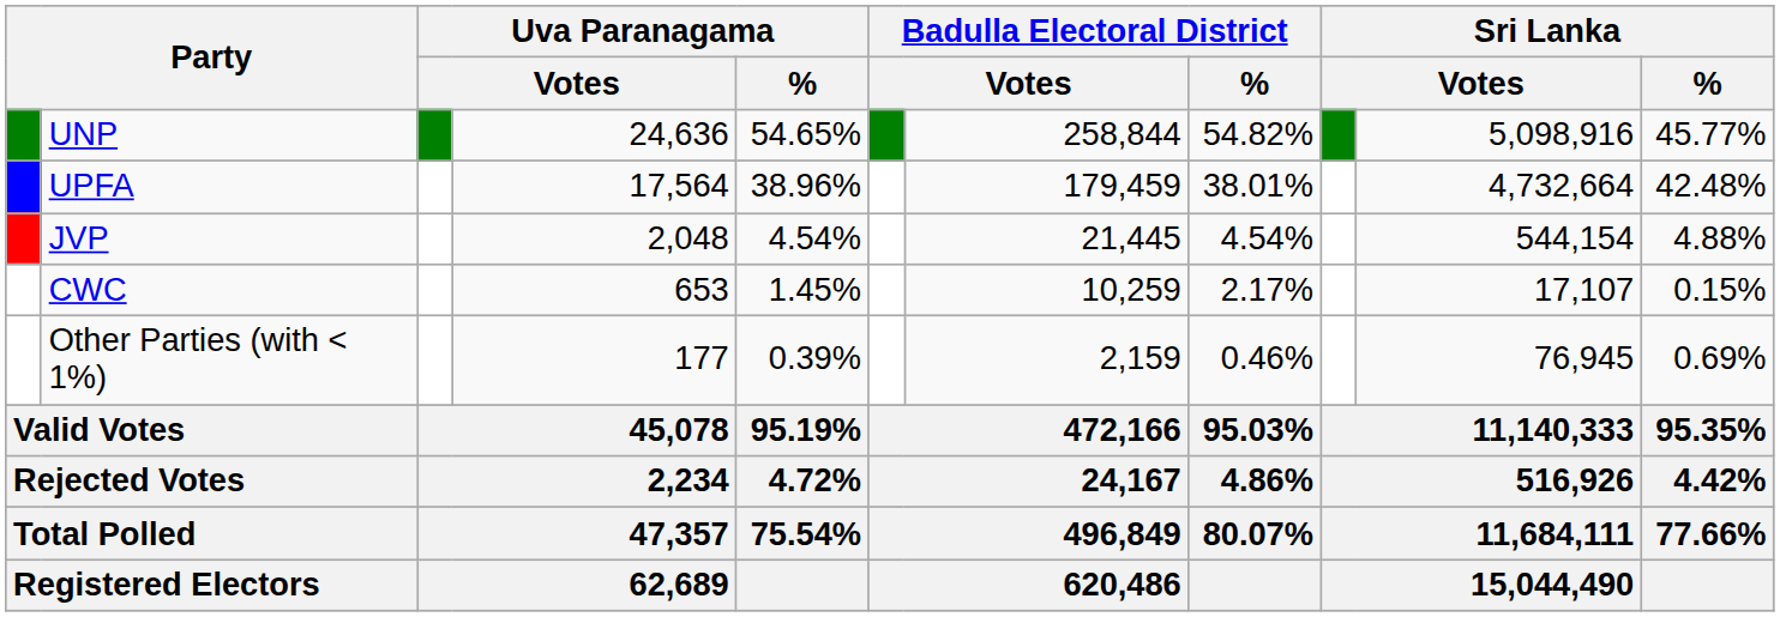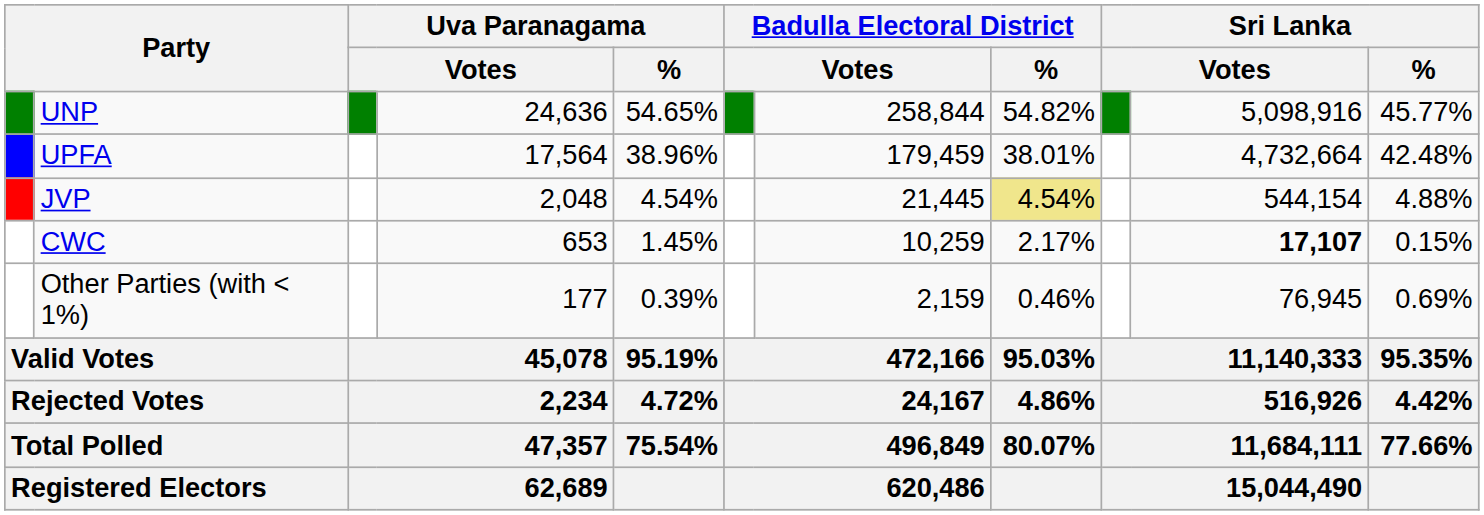 <table class="wikitable">
 <tr>
 <th colspan="2" width="144px"rowspan="2">Party</th>
 <th colspan="3" width="216px">Uva Paranagama</th>
 <th colspan="3" width="216px"><a href='#'>Badulla Electoral District</a></th>
 <th colspan="3" width="216px">Sri Lanka</th>
 </tr>
 <tr>
 <th colspan="2" width="144px">Votes</th>
 <th>%</th>
 <th colspan="2" width="144px">Votes</th>
 <th>%</th>
 <th colspan="2" width="144px">Votes</th>
 <th>%</th>
 </tr>
 <tr>
 <td style="background-color:green;" width="10px"></td>
 <td style="text-align:left;"><a href='#'>UNP</a></td>
 <td style="background-color:green;" width="10px"></td>
 <td style="text-align:right;">24,636</td>
 <td style="text-align:right;">54.65%</td>
 <td style="background-color:green;" width="10px"></td>
 <td style="text-align:right;">258,844</td>
 <td style="text-align:right;">54.82%</td>
 <td style="background-color:green;" width="10px"></td>
 <td style="text-align:right;">5,098,916</td>
 <td style="text-align:right;">45.77%</td>
 </tr>
 <tr>
 <td style="background-color:blue;" width="10px"></td>
 <td style="text-align:left;"><a href='#'>UPFA</a></td>
 <td style="background-color:white;" width="10px"></td>
 <td style="text-align:right;">17,564</td>
 <td style="text-align:right;">38.96%</td>
 <td style="background-color:white;" width="10px"></td>
 <td style="text-align:right;">179,459</td>
 <td style="text-align:right;">38.01%</td>
 <td style="background-color:white;" width="10px"></td>
 <td style="text-align:right;">4,732,664</td>
 <td style="text-align:right;">42.48%</td>
 </tr>
 <tr>
 <td style="background-color:red;" width="10px"></td>
 <td style="text-align:left;"><a href='#'>JVP</a></td>
 <td style="background-color:white;" width="10px"></td>
 <td style="text-align:right;">2,048</td>
 <td style="text-align:right;">4.54%</td>
 <td style="background-color:white;" width="10px"></td>
 <td style="text-align:right;">21,445</td>
-<td style="text-align:right;">4.54%</td>
+<td style="background: khaki; text-align:right;">4.54%</td>
 <td style="background-color:white;" width="10px"></td>
 <td style="text-align:right;">544,154</td>
 <td style="text-align:right;">4.88%</td>
 </tr>
 <tr>
 <td style="background-color:white;" width="10px"></td>
 <td style="text-align:left;"><a href='#'>CWC</a></td>
 <td style="background-color:white;" width="10px"></td>
 <td style="text-align:right;">653</td>
 <td style="text-align:right;">1.45%</td>
 <td style="background-color:white;" width="10px"></td>
 <td style="text-align:right;">10,259</td>
 <td style="text-align:right;">2.17%</td>
 <td style="background-color:white;" width="10px"></td>
-<td style="text-align:right;">17,107</td>
+<td style="text-align:right;"><strong>17,107</strong></td>
 <td style="text-align:right;">0.15%</td>
 </tr>
 <tr>
 <td style="background-color:white;" width="10px"></td>
 <td style="text-align:left;">Other Parties (with < 1%)</td>
 <td style="background-color:white;" width="10px"></td>
 <td style="text-align:right;">177</td>
 <td style="text-align:right;">0.39%</td>
 <td style="background-color:white;" width="10px"></td>
 <td style="text-align:right;">2,159</td>
 <td style="text-align:right;">0.46%</td>
 <td style="background-color:white;" width="10px"></td>
 <td style="text-align:right;">76,945</td>
 <td style="text-align:right;">0.69%</td>
 </tr>
 <tr>
 <th colspan="2" width="144px"style="text-align:left;">Valid Votes</th>
 <th style="text-align:right;"colspan="2" width="144px">45,078</th>
 <th style="text-align:right;">95.19%</th>
 <th style="text-align:right;"colspan="2" width="144px">472,166</th>
 <th style="text-align:right;">95.03%</th>
 <th style="text-align:right;"colspan="2" width="144px">11,140,333</th>
 <th style="text-align:right;">95.35%</th>
 </tr>
 <tr>
 <th colspan="2" width="144px"style="text-align:left;">Rejected Votes</th>
 <th style="text-align:right;"colspan="2" width="144px">2,234</th>
 <th style="text-align:right;">4.72%</th>
 <th style="text-align:right;"colspan="2" width="144px">24,167</th>
 <th style="text-align:right;">4.86%</th>
 <th style="text-align:right;"colspan="2" width="144px">516,926</th>
 <th style="text-align:right;">4.42%</th>
 </tr>
 <tr>
 <th colspan="2" width="144px"style="text-align:left;">Total Polled</th>
 <th style="text-align:right;"colspan="2" width="144px">47,357</th>
 <th style="text-align:right;">75.54%</th>
 <th style="text-align:right;"colspan="2" width="144px">496,849</th>
 <th style="text-align:right;">80.07%</th>
 <th style="text-align:right;"colspan="2" width="144px">11,684,111</th>
 <th style="text-align:right;">77.66%</th>
 </tr>
 <tr>
 <th colspan="2" width="144px"style="text-align:left;">Registered Electors</th>
 <th style="text-align:right;"colspan="2" width="144px">62,689</th>
 <th></th>
 <th style="text-align:right;"colspan="2" width="144px">620,486</th>
 <th></th>
 <th style="text-align:right;"colspan="2" width="144px">15,044,490</th>
 <th></th>
 </tr>
 </table>
